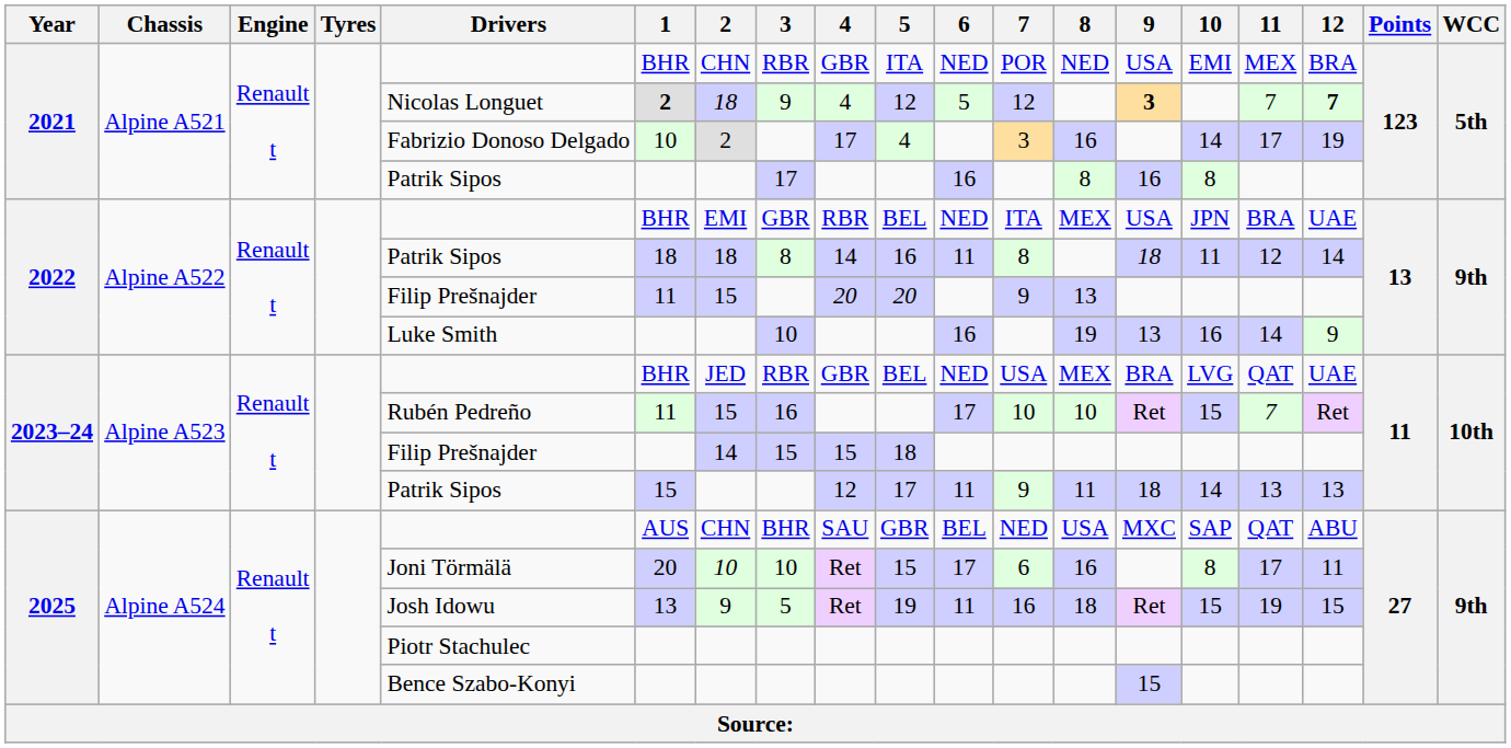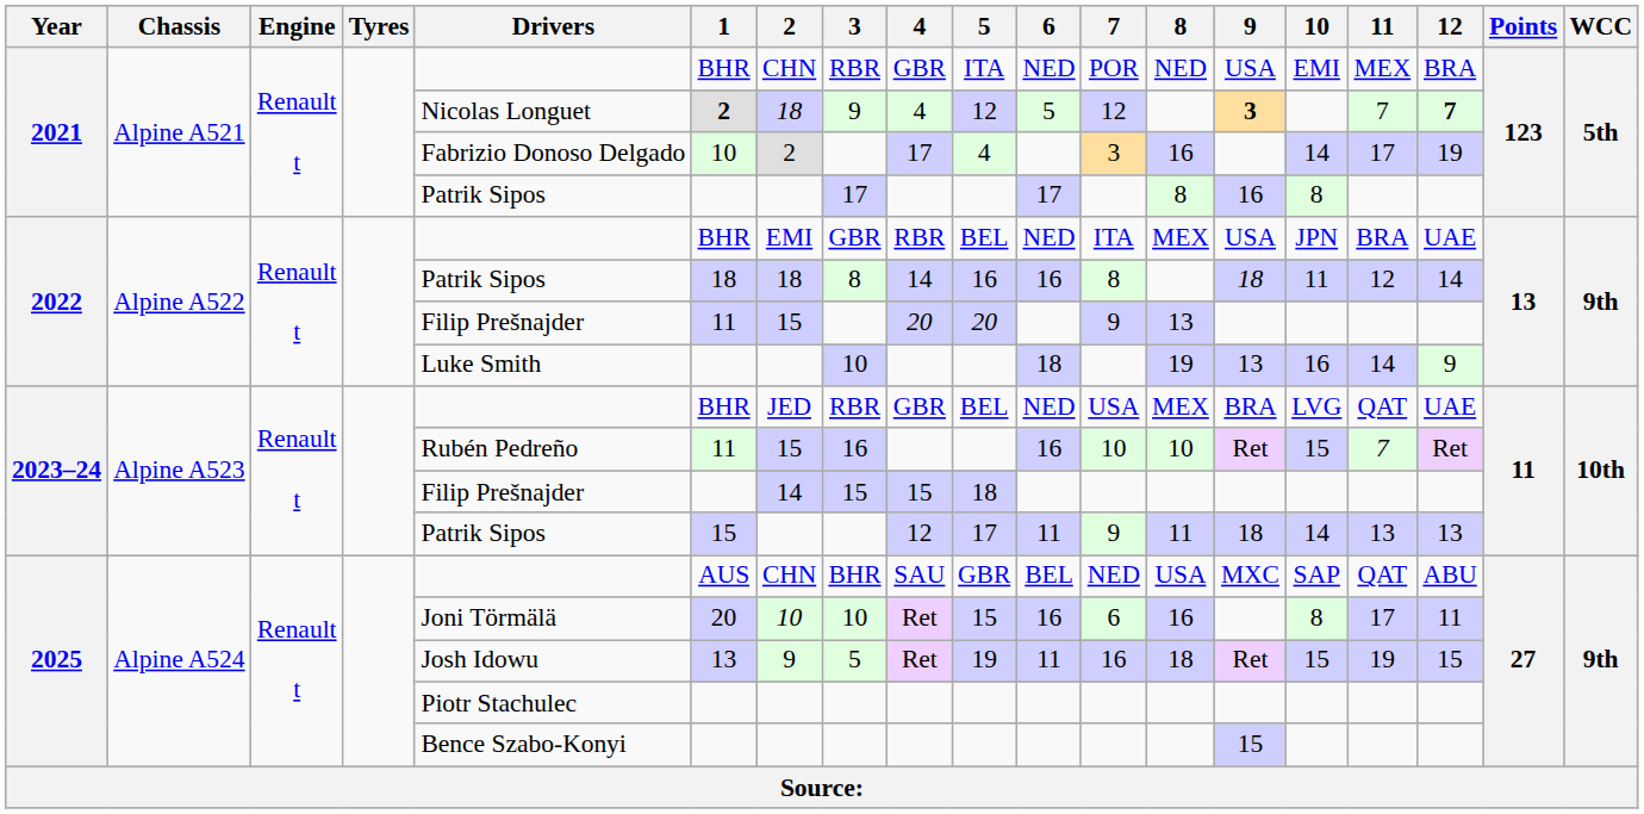 <table class="wikitable" style="text-align:center; font-size:85%">
 <tr>
 <th>Year</th>
 <th>Chassis</th>
 <th>Engine</th>
 <th>Tyres</th>
 <th>Drivers</th>
 <th>1</th>
 <th>2</th>
 <th>3</th>
 <th>4</th>
 <th>5</th>
 <th>6</th>
 <th>7</th>
 <th>8</th>
 <th>9</th>
 <th>10</th>
 <th>11</th>
 <th>12</th>
 <th><a href='#'>Points</a></th>
 <th>WCC</th>
 </tr>
 <tr>
 <th rowspan="4"><a href='#'>2021</a></th>
 <td rowspan="4"><a href='#'>Alpine A521</a></td>
 <td rowspan="4"><a href='#'>Renault</a><br><br><a href='#'>t</a></td>
 <td rowspan="4"></td>
 <td></td>
 <td><a href='#'>BHR</a></td>
 <td><a href='#'>CHN</a></td>
 <td><a href='#'>RBR</a></td>
 <td><a href='#'>GBR</a></td>
 <td><a href='#'>ITA</a></td>
 <td><a href='#'>NED</a></td>
 <td><a href='#'>POR</a></td>
 <td><a href='#'>NED</a></td>
 <td><a href='#'>USA</a></td>
 <td><a href='#'>EMI</a></td>
 <td><a href='#'>MEX</a></td>
 <td><a href='#'>BRA</a></td>
 <th rowspan="4" style="background: #">123</th>
 <th rowspan="4" style="background: #">5th</th>
 </tr>
 <tr>
 <td align="left"> Nicolas Longuet</td>
 <td style="background: #DFDFDF"><strong>2</strong></td>
 <td style="background: #CFCFFF"><em>18</em></td>
 <td style="background: #DFFFDF">9</td>
 <td style="background: #DFFFDF">4</td>
 <td style="background: #CFCFFF">12</td>
 <td style="background: #DFFFDF">5</td>
 <td style="background: #CFCFFF">12</td>
 <td style="background: #"></td>
 <td style="background: #FFDF9F"><strong>3</strong></td>
 <td style="background: #"></td>
 <td style="background: #DFFFDF">7</td>
 <td style="background: #DFFFDF"><strong>7</strong></td>
 </tr>
 <tr>
 <td align="left"> Fabrizio Donoso Delgado</td>
 <td style="background: #DFFFDF">10</td>
 <td style="background: #DFDFDF">2</td>
 <td style="background: #"></td>
 <td style="background: #CFCFFF">17</td>
 <td style="background: #DFFFDF">4</td>
 <td style="background: #"></td>
 <td style="background: #FFDF9F">3</td>
 <td style="background: #CFCFFF">16</td>
 <td style="background: #"></td>
 <td style="background: #CFCFFF">14</td>
 <td style="background: #CFCFFF">17</td>
 <td style="background: #CFCFFF">19</td>
 </tr>
 <tr>
 <td align="left"> Patrik Sipos</td>
 <td style="background: #"></td>
 <td style="background: #'"></td>
 <td style="background: #CFCFFF">17</td>
 <td style="background: #"></td>
 <td style="background: #"></td>
-<td style="background: #CFCFFF">16</td>
+<td style="background: #CFCFFF">17</td>
 <td style="background: #"></td>
 <td style="background: #DFFFDF">8</td>
 <td style="background: #CFCFFF">16</td>
 <td style="background: #DFFFDF">8</td>
 <td style="background: #"></td>
 <td style="background: #"></td>
 </tr>
 <tr>
 <th rowspan="4"><a href='#'>2022</a></th>
 <td rowspan="4"><a href='#'>Alpine A522</a></td>
 <td rowspan="4"><a href='#'>Renault</a><br><br><a href='#'>t</a></td>
 <td rowspan="4"></td>
 <td></td>
 <td><a href='#'>BHR</a></td>
 <td><a href='#'>EMI</a></td>
 <td><a href='#'>GBR</a></td>
 <td><a href='#'>RBR</a></td>
 <td><a href='#'>BEL</a></td>
 <td><a href='#'>NED</a></td>
 <td><a href='#'>ITA</a></td>
 <td><a href='#'>MEX</a></td>
 <td><a href='#'>USA</a></td>
 <td><a href='#'>JPN</a></td>
 <td><a href='#'>BRA</a></td>
 <td><a href='#'>UAE</a></td>
 <th rowspan="4" style="background:">13</th>
 <th rowspan="4" style="background:">9th</th>
 </tr>
 <tr>
 <td align="left"> Patrik Sipos</td>
 <td style="background: #CFCFFF">18</td>
 <td style="background: #CFCFFF">18</td>
 <td style="background: #DFFFDF">8</td>
 <td style="background: #CFCFFF">14</td>
 <td style="background: #CFCFFF">16</td>
-<td style="background: #CFCFFF">11</td>
+<td style="background: #CFCFFF">16</td>
 <td style="background: #DFFFDF">8</td>
 <td style="background: #"></td>
 <td style="background: #CFCFFF"><em>18</em></td>
 <td style="background: #CFCFFF">11</td>
 <td style="background: #CFCFFF">12</td>
 <td style="background: #CFCFFF">14</td>
 </tr>
 <tr>
 <td align="left"> Filip Prešnajder</td>
 <td style="background: #CFCFFF">11</td>
 <td style="background: #CFCFFF">15</td>
 <td style="background: #"></td>
 <td style="background: #CFCFFF"><em>20</em></td>
 <td style="background: #CFCFFF"><em>20</em></td>
 <td style="background: #"></td>
 <td style="background: #CFCFFF">9</td>
 <td style="background: #CFCFFF">13</td>
 <td style="background: #"></td>
 <td style="background: #"></td>
 <td style="background: #"></td>
 <td style="background: #"></td>
 </tr>
 <tr>
 <td align="left"> Luke Smith</td>
 <td style="background:"></td>
 <td style="background:"></td>
 <td style="background: #CFCFFF">10</td>
 <td style="background:"></td>
 <td style="background:"></td>
-<td style="background: #CFCFFF">16</td>
+<td style="background: #CFCFFF">18</td>
 <td style="background: #"></td>
 <td style="background: #CFCFFF">19</td>
 <td style="background: #CFCFFF">13</td>
 <td style="background: #CFCFFF">16</td>
 <td style="background: #CFCFFF">14</td>
 <td style="background: #DFFFDF">9</td>
 </tr>
 <tr>
 <th rowspan="4"><a href='#'>2023–24</a></th>
 <td rowspan="4"><a href='#'>Alpine A523</a></td>
 <td rowspan="4"><a href='#'>Renault</a><br><br><a href='#'>t</a></td>
 <td rowspan="4"></td>
 <td></td>
 <td><a href='#'>BHR</a></td>
 <td><a href='#'>JED</a></td>
 <td><a href='#'>RBR</a></td>
 <td><a href='#'>GBR</a></td>
 <td><a href='#'>BEL</a></td>
 <td><a href='#'>NED</a></td>
 <td><a href='#'>USA</a></td>
 <td><a href='#'>MEX</a></td>
 <td><a href='#'>BRA</a></td>
 <td><a href='#'>LVG</a></td>
 <td><a href='#'>QAT</a></td>
 <td><a href='#'>UAE</a></td>
 <th rowspan="4" style="background:">11</th>
 <th rowspan="4" style="background:">10th</th>
 </tr>
 <tr>
 <td align="left"> Rubén Pedreño</td>
 <td style="background: #DFFFDF">11</td>
 <td style="background: #CFCFFF">15</td>
 <td style="background: #CFCFFF">16</td>
 <td style="background: #"></td>
 <td style="background: #"></td>
-<td style="background: #CFCFFF">17</td>
+<td style="background: #CFCFFF">16</td>
 <td style="background: #DFFFDF">10</td>
 <td style="background: #DFFFDF">10</td>
 <td style="background: #EFCFFF">Ret</td>
 <td style="background: #CFCFFF">15</td>
 <td style="background: #DFFFDF"><em>7</em></td>
 <td style="background: #EFCFFF">Ret</td>
 </tr>
 <tr>
 <td align="left"> Filip Prešnajder</td>
 <td style="background: #"></td>
 <td style="background: #CFCFFF">14</td>
 <td style="background: #CFCFFF">15</td>
 <td style="background: #CFCFFF">15</td>
 <td style="background: #CFCFFF">18</td>
 <td style="background: #"></td>
 <td style="background: #"></td>
 <td style="background: #"></td>
 <td style="background: #"></td>
 <td style="background: #"></td>
 <td style="background: #"></td>
 <td style="background: #"></td>
 </tr>
 <tr>
 <td align="left"> Patrik Sipos</td>
 <td style="background: #CFCFFF">15</td>
 <td style="background: #"></td>
 <td style="background: #"></td>
 <td style="background: #CFCFFF">12</td>
 <td style="background: #CFCFFF">17</td>
 <td style="background: #CFCFFF">11</td>
 <td style="background: #DFFFDF">9</td>
 <td style="background: #CFCFFF">11</td>
 <td style="background: #CFCFFF">18</td>
 <td style="background: #CFCFFF">14</td>
 <td style="background: #CFCFFF">13</td>
 <td style="background: #CFCFFF">13</td>
 </tr>
 <tr>
 <th rowspan="5"><a href='#'>2025</a></th>
 <td rowspan="5"><a href='#'>Alpine A524</a></td>
 <td rowspan="5"><a href='#'>Renault</a><br><br><a href='#'>t</a></td>
 <td rowspan="5"></td>
 <td></td>
 <td><a href='#'>AUS</a></td>
 <td><a href='#'>CHN</a></td>
 <td><a href='#'>BHR</a></td>
 <td><a href='#'>SAU</a></td>
 <td><a href='#'>GBR</a></td>
 <td><a href='#'>BEL</a></td>
 <td><a href='#'>NED</a></td>
 <td><a href='#'>USA</a></td>
 <td><a href='#'>MXC</a></td>
 <td><a href='#'>SAP</a></td>
 <td><a href='#'>QAT</a></td>
 <td><a href='#'>ABU</a></td>
 <th rowspan="5" style="background: #">27</th>
 <th rowspan="5" style="background: #">9th</th>
 </tr>
 <tr>
 <td align="left"> Joni Törmälä</td>
 <td style="background: #CFCFFF">20</td>
 <td style="background: #DFFFDF"><em>10</em></td>
 <td style="background: #DFFFDF">10</td>
 <td style="background: #EFCFFF">Ret</td>
 <td style="background: #CFCFFF">15</td>
-<td style="background: #CFCFFF">17</td>
+<td style="background: #CFCFFF">16</td>
 <td style="background: #DFFFDF">6</td>
 <td style="background: #CFCFFF">16</td>
 <td style="background:"></td>
 <td style="background: #DFFFDF">8</td>
 <td style="background: #CFCFFF">17</td>
 <td style="background: #CFCFFF">11</td>
 </tr>
 <tr>
 <td align="left"> Josh Idowu</td>
 <td style="background: #CFCFFF">13</td>
 <td style="background: #DFFFDF">9</td>
 <td style="background: #DFFFDF">5</td>
 <td style="background: #EFCFFF">Ret</td>
 <td style="background: #CFCFFF">19</td>
 <td style="background: #CFCFFF">11</td>
 <td style="background: #CFCFFF">16</td>
 <td style="background: #CFCFFF">18</td>
 <td style="background: #EFCFFF">Ret</td>
 <td style="background: #CFCFFF">15</td>
 <td style="background: #CFCFFF">19</td>
 <td style="background: #CFCFFF">15</td>
 </tr>
 <tr>
 <td align="left"> Piotr Stachulec</td>
 <td style="background: #"></td>
 <td style="background: #"></td>
 <td style="background: #"></td>
 <td style="background: #"></td>
 <td style="background:"></td>
 <td style="background:"></td>
 <td style="background:"></td>
 <td style="background:"></td>
 <td style="background:"></td>
 <td style="background:"></td>
 <td style="background:"></td>
 <td style="background:"></td>
 </tr>
 <tr>
 <td align="left"> Bence Szabo-Konyi</td>
 <td style="background: #"></td>
 <td style="background: #"></td>
 <td style="background: #"></td>
 <td style="background: #"></td>
 <td style="background:"></td>
 <td style="background:"></td>
 <td style="background:"></td>
 <td style="background:"></td>
 <td style="background: #CFCFFF">15</td>
 <td style="background:"></td>
 <td style="background:"></td>
 <td style="background:"></td>
 </tr>
 <tr>
 <th colspan="19">Source:</th>
 </tr>
 </table>
